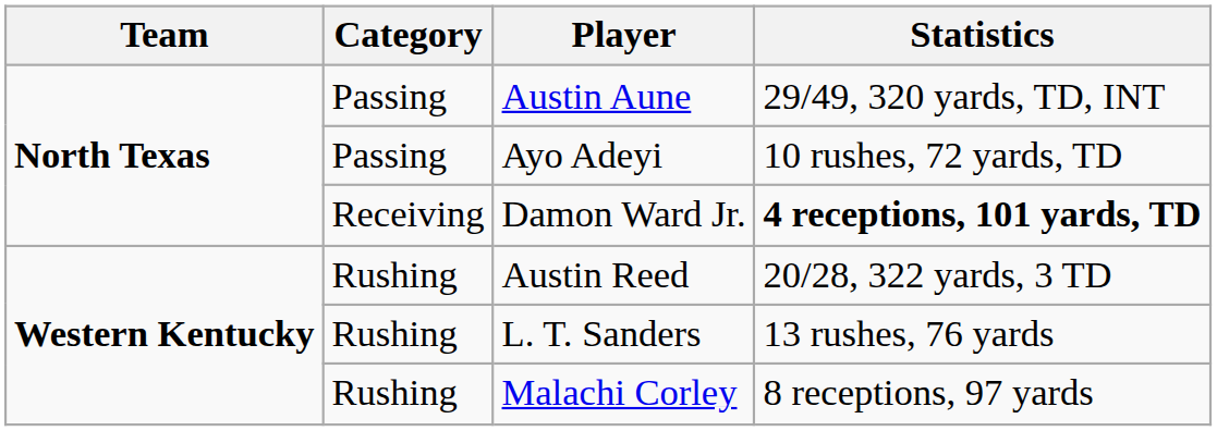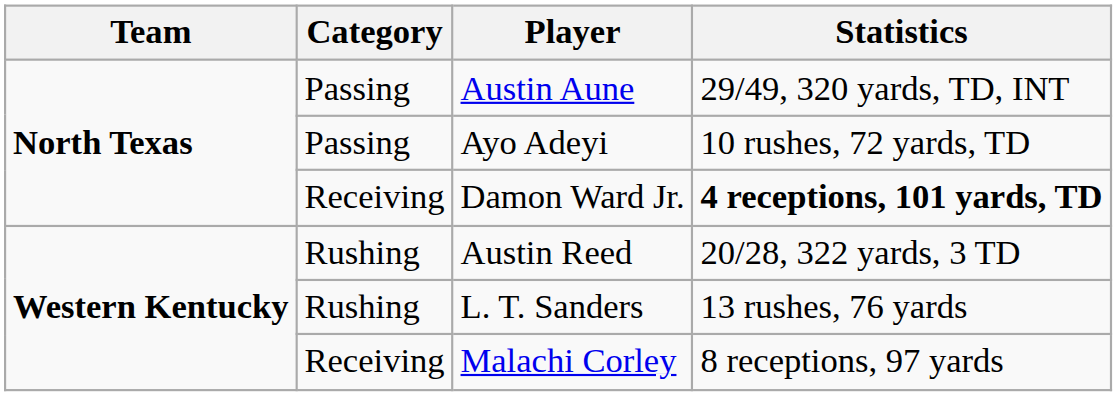 <table class="wikitable" style="float: left;">
 <tr>
 <th>Team</th>
 <th>Category</th>
 <th>Player</th>
 <th>Statistics</th>
 </tr>
 <tr>
 <td rowspan=3><strong>North Texas</strong></td>
 <td>Passing</td>
 <td><a href='#'>Austin Aune</a></td>
 <td>29/49, 320 yards, TD, INT</td>
 </tr>
 <tr>
 <td>Passing</td>
 <td>Ayo Adeyi</td>
 <td>10 rushes, 72 yards, TD</td>
 </tr>
 <tr>
 <td>Receiving</td>
 <td>Damon Ward Jr.</td>
 <td><strong>4 receptions, 101 yards, TD</strong></td>
 </tr>
 <tr>
 <td rowspan=3><strong>Western Kentucky</strong></td>
 <td>Rushing</td>
 <td>Austin Reed</td>
 <td>20/28, 322 yards, 3 TD</td>
 </tr>
 <tr>
 <td>Rushing</td>
 <td>L. T. Sanders</td>
 <td>13 rushes, 76 yards</td>
 </tr>
 <tr>
-<td>Rushing</td>
+<td>Receiving</td>
 <td><a href='#'>Malachi Corley</a></td>
 <td>8 receptions, 97 yards</td>
 </tr>
 </table>
